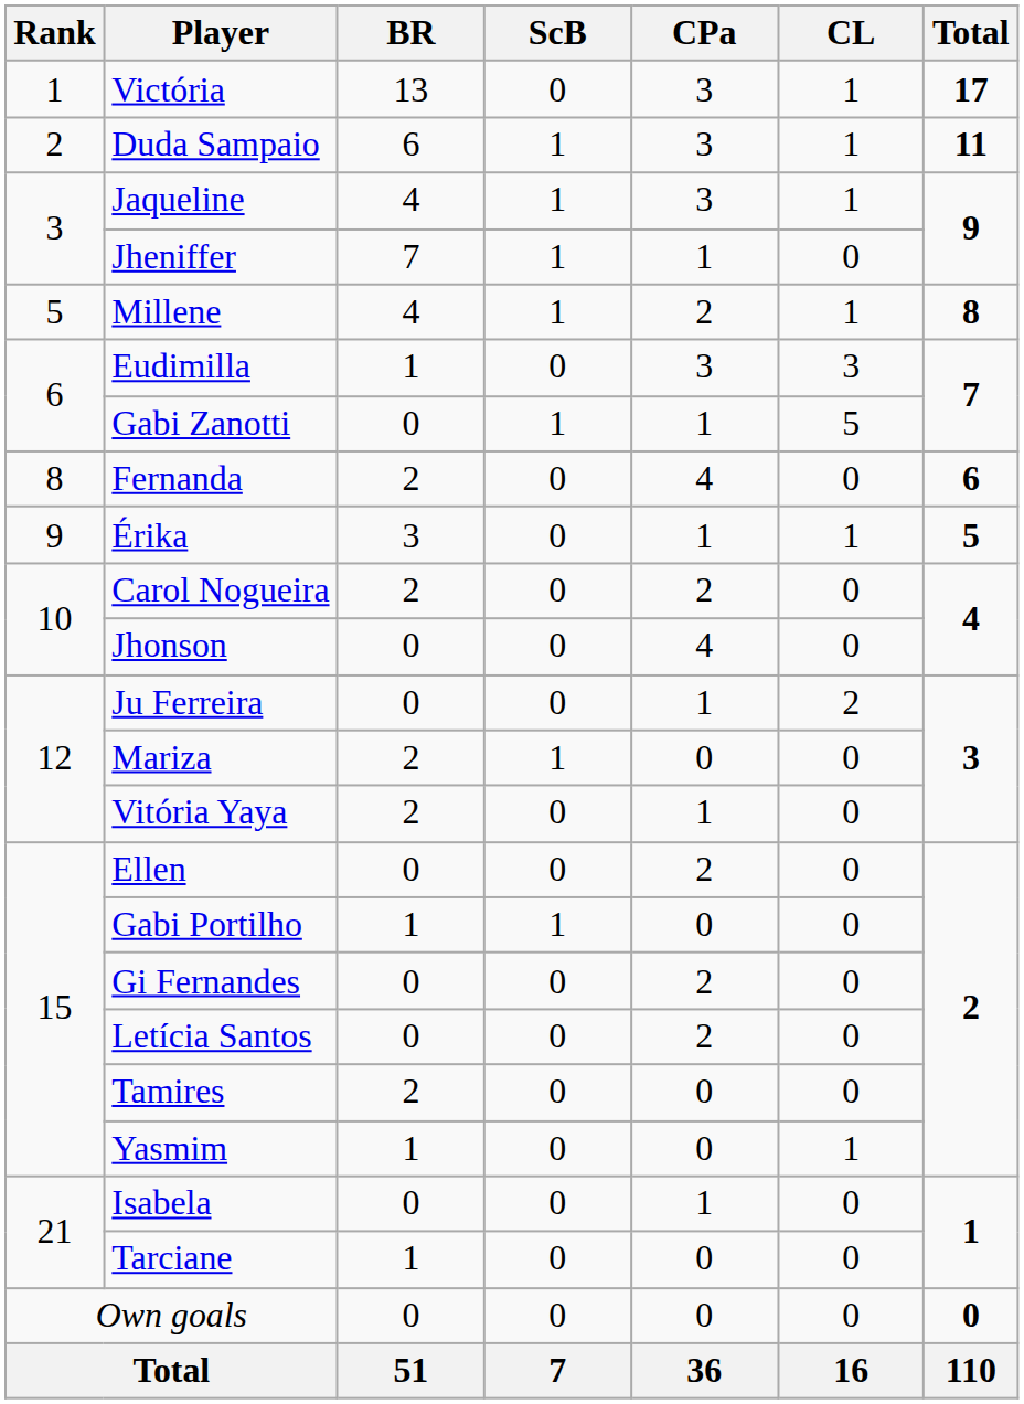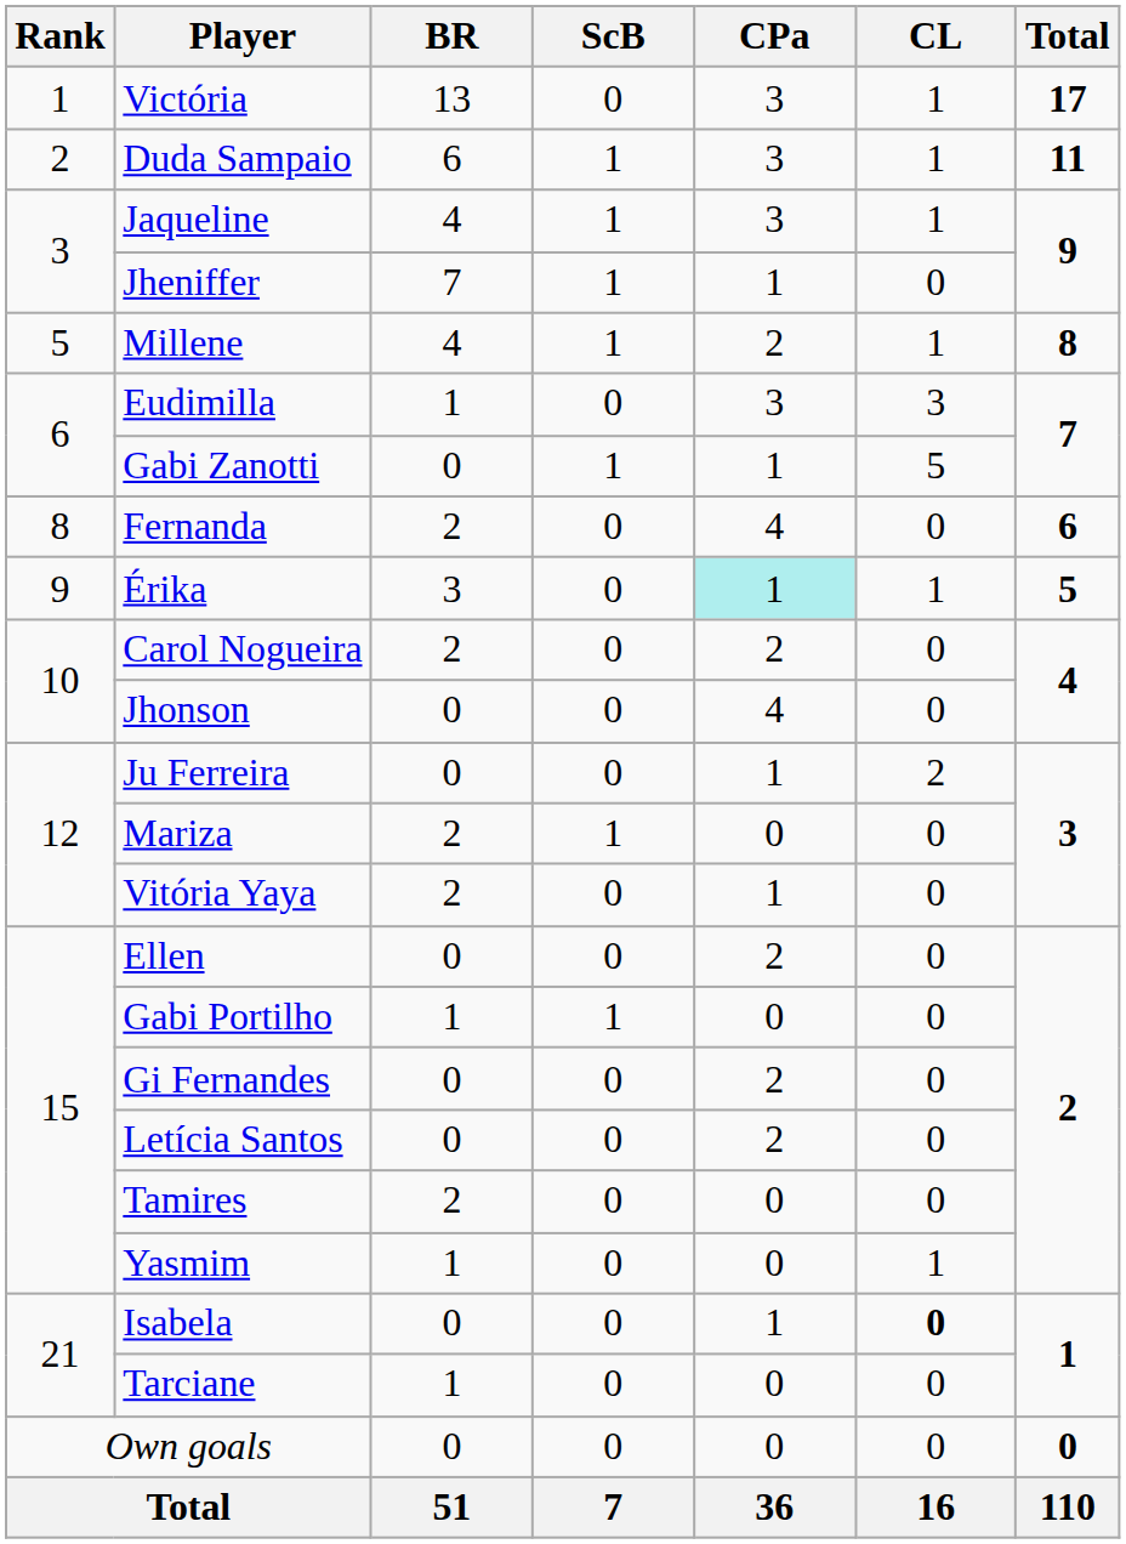 <table class="wikitable" style="text-align:center;">
 <tr>
 <th>Rank</th>
 <th>Player</th>
 <th width=14.5%><abbr>BR</abbr></th>
 <th width=14.5%><abbr>ScB</abbr></th>
 <th width=14.5%><abbr>CPa</abbr></th>
 <th width=14.5%><abbr>CL</abbr></th>
 <th>Total</th>
 </tr>
 <tr>
 <td>1</td>
 <td align=left> <a href='#'>Victória</a></td>
 <td>13</td>
 <td>0</td>
 <td>3</td>
 <td>1</td>
 <td><strong>17</strong></td>
 </tr>
 <tr>
 <td>2</td>
 <td align=left> <a href='#'>Duda Sampaio</a></td>
 <td>6</td>
 <td>1</td>
 <td>3</td>
 <td>1</td>
 <td><strong>11</strong></td>
 </tr>
 <tr>
 <td rowspan=2>3</td>
 <td align=left> <a href='#'>Jaqueline</a></td>
 <td>4</td>
 <td>1</td>
 <td>3</td>
 <td>1</td>
 <td rowspan=2><strong>9</strong></td>
 </tr>
 <tr>
 <td align=left> <a href='#'>Jheniffer</a></td>
 <td>7</td>
 <td>1</td>
 <td>1</td>
 <td>0</td>
 </tr>
 <tr>
 <td>5</td>
 <td align=left> <a href='#'>Millene</a></td>
 <td>4</td>
 <td>1</td>
 <td>2</td>
 <td>1</td>
 <td><strong>8</strong></td>
 </tr>
 <tr>
 <td rowspan=2>6</td>
 <td align=left> <a href='#'>Eudimilla</a></td>
 <td>1</td>
 <td>0</td>
 <td>3</td>
 <td>3</td>
 <td rowspan=2><strong>7</strong></td>
 </tr>
 <tr>
 <td align=left> <a href='#'>Gabi Zanotti</a></td>
 <td>0</td>
 <td>1</td>
 <td>1</td>
 <td>5</td>
 </tr>
 <tr>
 <td>8</td>
 <td align=left> <a href='#'>Fernanda</a></td>
 <td>2</td>
 <td>0</td>
 <td>4</td>
 <td>0</td>
 <td><strong>6</strong></td>
 </tr>
 <tr>
 <td>9</td>
 <td align=left> <a href='#'>Érika</a></td>
 <td>3</td>
 <td>0</td>
-<td>1</td>
+<td style="background: paleturquoise;">1</td>
 <td>1</td>
 <td><strong>5</strong></td>
 </tr>
 <tr>
 <td rowspan=2>10</td>
 <td align=left> <a href='#'>Carol Nogueira</a></td>
 <td>2</td>
 <td>0</td>
 <td>2</td>
 <td>0</td>
 <td rowspan=2><strong>4</strong></td>
 </tr>
 <tr>
 <td align=left> <a href='#'>Jhonson</a></td>
 <td>0</td>
 <td>0</td>
 <td>4</td>
 <td>0</td>
 </tr>
 <tr>
 <td rowspan=3>12</td>
 <td align=left> <a href='#'>Ju Ferreira</a></td>
 <td>0</td>
 <td>0</td>
 <td>1</td>
 <td>2</td>
 <td rowspan=3><strong>3</strong></td>
 </tr>
 <tr>
 <td align=left> <a href='#'>Mariza</a></td>
 <td>2</td>
 <td>1</td>
 <td>0</td>
 <td>0</td>
 </tr>
 <tr>
 <td align=left> <a href='#'>Vitória Yaya</a></td>
 <td>2</td>
 <td>0</td>
 <td>1</td>
 <td>0</td>
 </tr>
 <tr>
 <td rowspan=6>15</td>
 <td align=left> <a href='#'>Ellen</a></td>
 <td>0</td>
 <td>0</td>
 <td>2</td>
 <td>0</td>
 <td rowspan=6><strong>2</strong></td>
 </tr>
 <tr>
 <td align=left> <a href='#'>Gabi Portilho</a></td>
 <td>1</td>
 <td>1</td>
 <td>0</td>
 <td>0</td>
 </tr>
 <tr>
 <td align=left> <a href='#'>Gi Fernandes</a></td>
 <td>0</td>
 <td>0</td>
 <td>2</td>
 <td>0</td>
 </tr>
 <tr>
 <td align=left> <a href='#'>Letícia Santos</a></td>
 <td>0</td>
 <td>0</td>
 <td>2</td>
 <td>0</td>
 </tr>
 <tr>
 <td align=left> <a href='#'>Tamires</a></td>
 <td>2</td>
 <td>0</td>
 <td>0</td>
 <td>0</td>
 </tr>
 <tr>
 <td align=left> <a href='#'>Yasmim</a></td>
 <td>1</td>
 <td>0</td>
 <td>0</td>
 <td>1</td>
 </tr>
 <tr>
 <td rowspan=2>21</td>
 <td align=left> <a href='#'>Isabela</a></td>
 <td>0</td>
 <td>0</td>
 <td>1</td>
-<td>0</td>
+<td><strong>0</strong></td>
 <td rowspan=2><strong>1</strong></td>
 </tr>
 <tr>
 <td align=left> <a href='#'>Tarciane</a></td>
 <td>1</td>
 <td>0</td>
 <td>0</td>
 <td>0</td>
 </tr>
 <tr>
 <td align=center colspan=2><em>Own goals</em></td>
 <td>0</td>
 <td>0</td>
 <td>0</td>
 <td>0</td>
 <td><strong>0</strong></td>
 </tr>
 <tr>
 <th colspan=2>Total</th>
 <th>51</th>
 <th>7</th>
 <th>36</th>
 <th>16</th>
 <th>110</th>
 </tr>
 </table>
